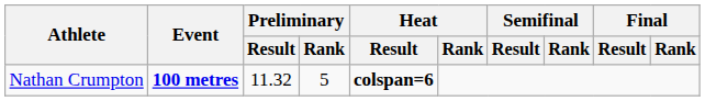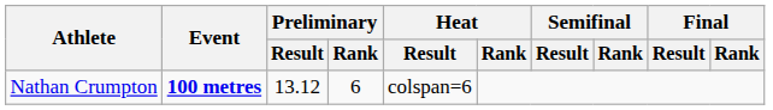 <table class="wikitable" style="font-size:90%">
 <tr>
 <th rowspan="2">Athlete</th>
 <th rowspan="2">Event</th>
 <th colspan="2">Preliminary</th>
 <th colspan="2">Heat</th>
 <th colspan="2">Semifinal</th>
 <th colspan="2">Final</th>
 </tr>
 <tr style="font-size:95%">
 <th>Result</th>
 <th>Rank</th>
 <th>Result</th>
 <th>Rank</th>
 <th>Result</th>
 <th>Rank</th>
 <th>Result</th>
 <th>Rank</th>
 </tr>
 <tr align=center>
 <td align=left><a href='#'>Nathan Crumpton</a></td>
 <td align=left><strong><a href='#'>100 metres</a></strong></td>
-<td>11.32 </td>
-<td>5</td>
-<td><strong>colspan=6 </strong></td>
+<td>13.12 </td>
+<td>6</td>
+<td>colspan=6 </td>
 </tr>
 </table>
